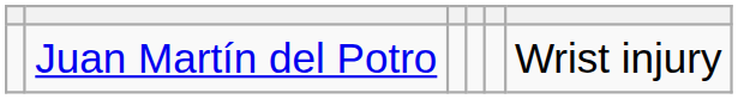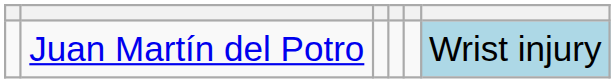 <table class="wikitable sortable">
 <tr>
 <th></th>
 <th></th>
 <th></th>
 <th></th>
 <th></th>
 <th></th>
 </tr>
 <tr>
 <td></td>
 <td> <a href='#'>Juan Martín del Potro</a></td>
 <td></td>
 <td></td>
 <td></td>
-<td>Wrist injury</td>
+<td style="background: lightblue;">Wrist injury</td>
 </tr>
 </table>
